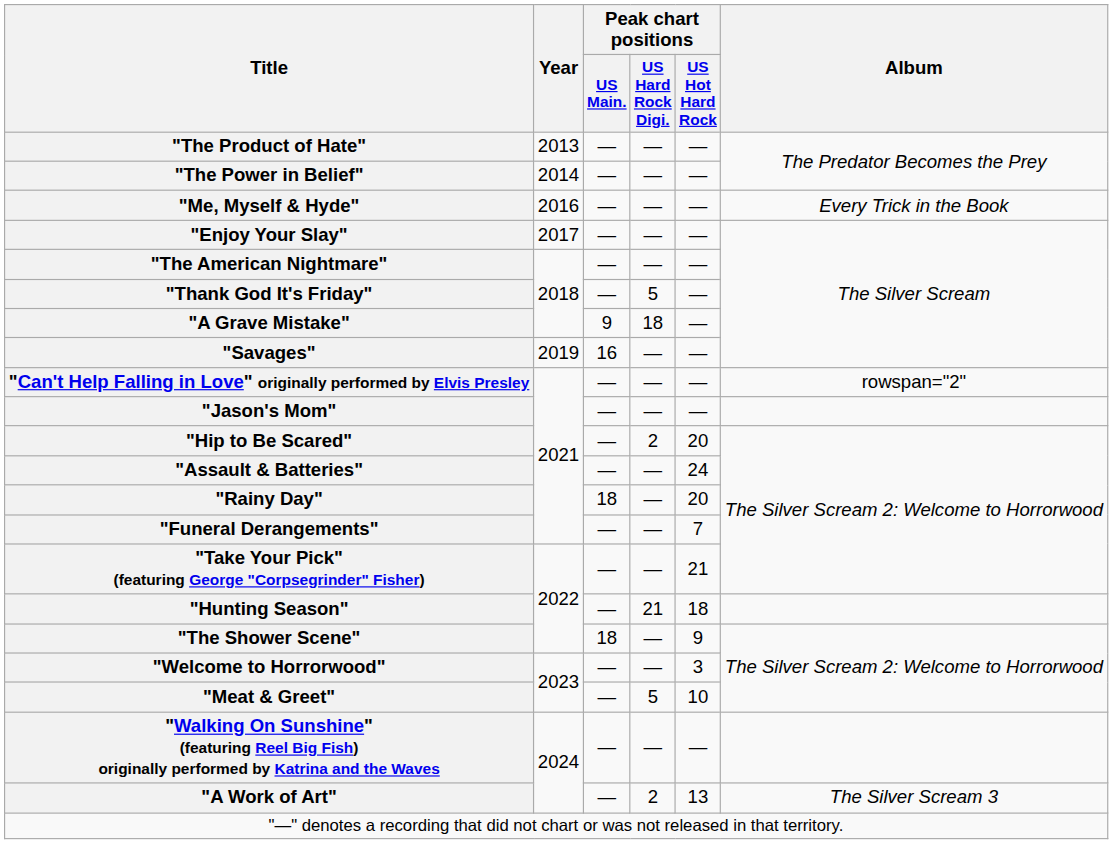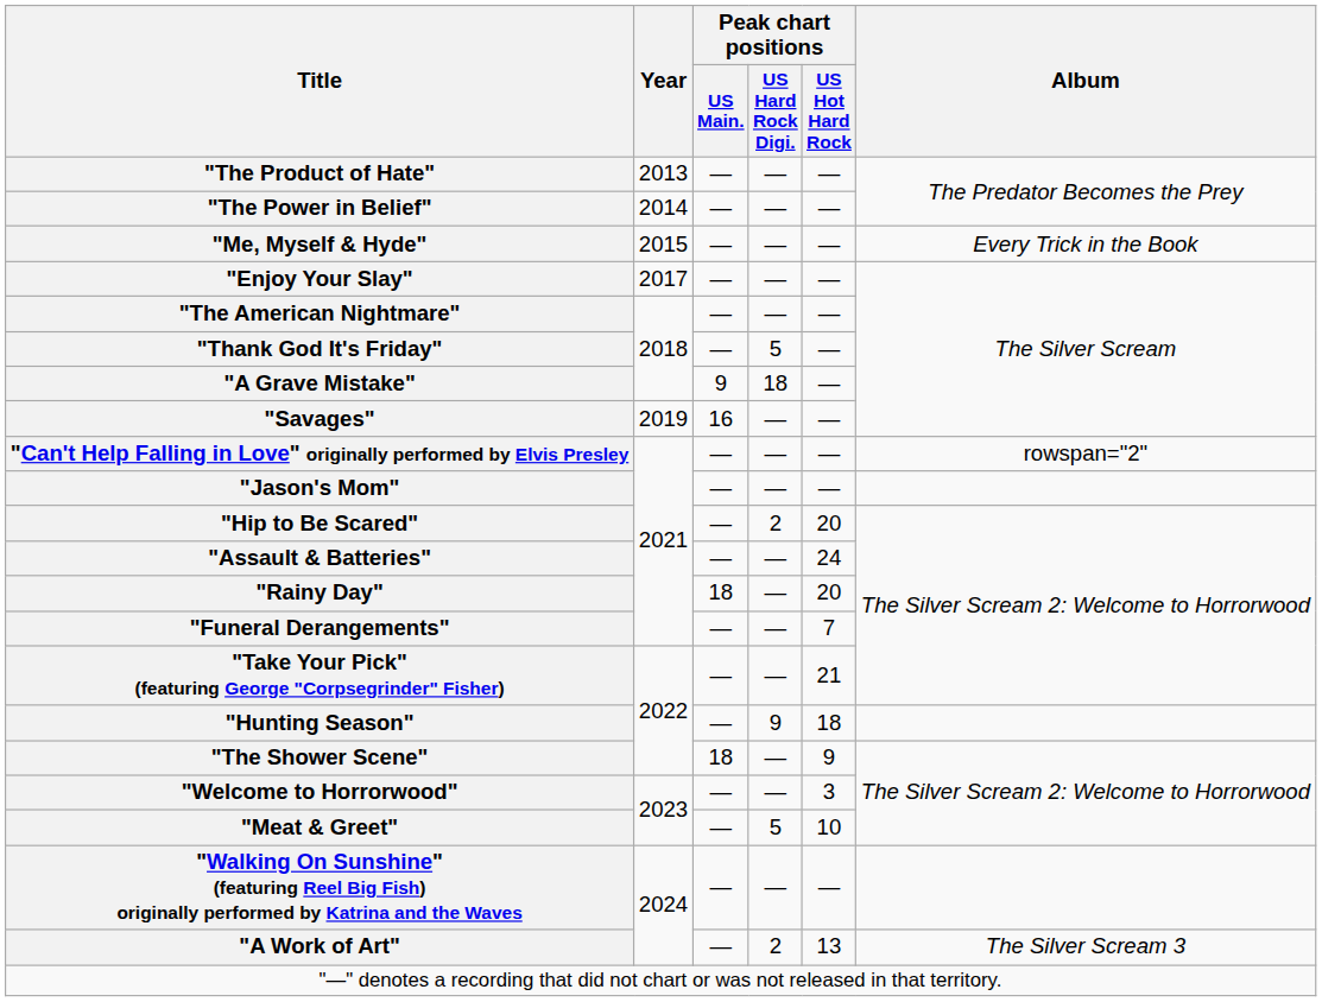 <table class="wikitable plainrowheaders" style="text-align:center;">
 <tr>
 <th scope="col" rowspan="2">Title</th>
 <th scope="col" rowspan="2">Year</th>
 <th scope="col" colspan="3">Peak chart positions</th>
 <th scope="col" rowspan="2">Album</th>
 </tr>
 <tr style="font-size:smaller">
 <th style="width:30px;"><a href='#'>US<br>Main.</a><br></th>
 <th style="width:30px;"><a href='#'>US Hard Rock Digi.</a></th>
 <th style="width:30px;"><a href='#'>US<br>Hot<br>Hard<br>Rock</a></th>
 </tr>
 <tr>
 <th scope="row">"The Product of Hate"</th>
 <td>2013</td>
 <td>—</td>
 <td>—</td>
 <td>—</td>
 <td rowspan="2"><em>The Predator Becomes the Prey</em></td>
 </tr>
 <tr>
 <th scope="row">"The Power in Belief"</th>
 <td>2014</td>
 <td>—</td>
 <td>—</td>
 <td>—</td>
 </tr>
 <tr>
 <th scope="row">"Me, Myself & Hyde"</th>
-<td>2016</td>
+<td>2015</td>
 <td>—</td>
 <td>—</td>
 <td>—</td>
 <td><em>Every Trick in the Book</em></td>
 </tr>
 <tr>
 <th scope="row">"Enjoy Your Slay"<br></th>
 <td>2017</td>
 <td>—</td>
 <td>—</td>
 <td>—</td>
 <td rowspan="5"><em>The Silver Scream</em></td>
 </tr>
 <tr>
 <th scope="row">"The American Nightmare"</th>
 <td rowspan="3">2018</td>
 <td>—</td>
 <td>—</td>
 <td>—</td>
 </tr>
 <tr>
 <th scope="row">"Thank God It's Friday"</th>
 <td>—</td>
 <td>5</td>
 <td>—</td>
 </tr>
 <tr>
 <th scope="row">"A Grave Mistake"</th>
 <td>9</td>
 <td>18</td>
 <td>—</td>
 </tr>
 <tr>
 <th scope="row">"Savages"</th>
 <td>2019</td>
 <td>16</td>
 <td>—</td>
 <td>—</td>
 </tr>
 <tr>
 <th scope="row">"<a href='#'>Can't Help Falling in Love</a>" <small>originally performed by <a href='#'>Elvis Presley</a></small></th>
 <td rowspan="6">2021</td>
 <td>—</td>
 <td>—</td>
 <td>—</td>
 <td>rowspan="2" </td>
 </tr>
 <tr>
 <th scope="row">"Jason's Mom"</th>
 <td>—</td>
 <td>—</td>
 <td>—</td>
 </tr>
 <tr>
 <th scope="row">"Hip to Be Scared"<br></th>
 <td>—</td>
 <td>2</td>
 <td>20</td>
 <td rowspan="5"><em>The Silver Scream 2: Welcome to Horrorwood</em></td>
 </tr>
 <tr>
 <th scope="row">"Assault & Batteries"</th>
 <td>—</td>
 <td>—</td>
 <td>24</td>
 </tr>
 <tr>
 <th scope="row">"Rainy Day"</th>
 <td>18</td>
 <td>—</td>
 <td>20</td>
 </tr>
 <tr>
 <th scope="row">"Funeral Derangements"</th>
 <td>—</td>
 <td>—</td>
 <td>7</td>
 </tr>
 <tr>
 <th scope="row">"Take Your Pick"<br><small>(featuring <a href='#'>George "Corpsegrinder" Fisher</a>)</small></th>
 <td rowspan="3">2022</td>
 <td>—</td>
 <td>—</td>
 <td>21</td>
 </tr>
 <tr>
 <th scope="row">"Hunting Season"</th>
 <td>—</td>
-<td>21</td>
+<td>9</td>
 <td>18</td>
 <td></td>
 </tr>
 <tr>
 <th scope="row">"The Shower Scene"</th>
 <td>18</td>
 <td>—</td>
 <td>9</td>
 <td rowspan="3"><em>The Silver Scream 2: Welcome to Horrorwood</em></td>
 </tr>
 <tr>
 <th scope="row">"Welcome to Horrorwood"</th>
 <td rowspan="2">2023</td>
 <td>—</td>
 <td>—</td>
 <td>3</td>
 </tr>
 <tr>
 <th scope="row">"Meat & Greet"</th>
 <td>—</td>
 <td>5</td>
 <td>10</td>
 </tr>
 <tr>
 <th scope="row">"<a href='#'>Walking On Sunshine</a>"<br><small>(featuring <a href='#'>Reel Big Fish</a>)<br>originally performed by <a href='#'>Katrina and the Waves</a></small></th>
 <td rowspan="2">2024</td>
 <td>—</td>
 <td>—</td>
 <td>—</td>
 <td></td>
 </tr>
 <tr>
 <th scope="row">"A Work of Art"</th>
 <td>—</td>
 <td>2</td>
 <td>13</td>
 <td><em>The Silver Scream 3</em></td>
 </tr>
 <tr>
 <td colspan="8" style="font-size:90%">"—" denotes a recording that did not chart or was not released in that territory.</td>
 </tr>
 </table>
